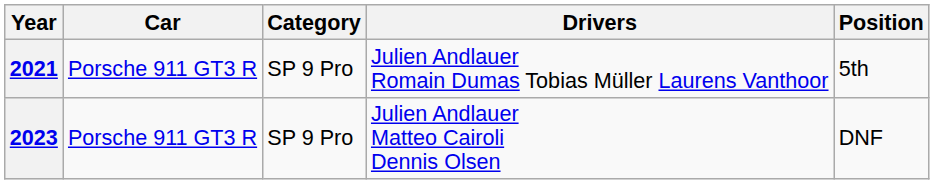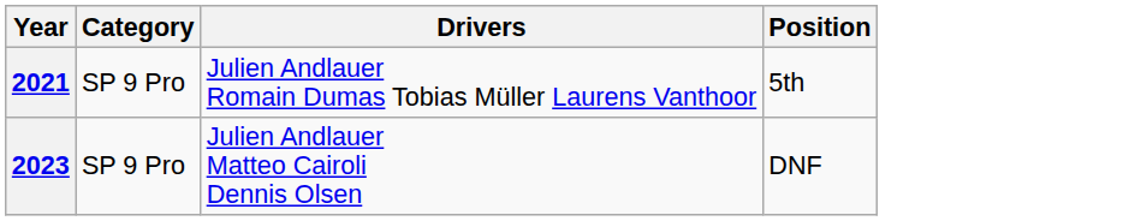 <table class="wikitable" style="font-size: 90%;">
 <tr>
 <th colspan="1">Year</th>
-<th colspan="1">Car</th>
 <th>Category</th>
 <th>Drivers</th>
 <th colspan="1">Position</th>
 </tr>
 <tr>
 <th><a href='#'>2021</a></th>
-<td><a href='#'>Porsche 911 GT3 R</a></td>
 <td>SP 9 Pro</td>
 <td> <a href='#'>Julien Andlauer</a><br> <a href='#'>Romain Dumas</a>  Tobias Müller  <a href='#'>Laurens Vanthoor</a></td>
 <td>5th</td>
 </tr>
 <tr>
 <th><a href='#'>2023</a></th>
-<td><a href='#'>Porsche 911 GT3 R</a></td>
 <td>SP 9 Pro</td>
 <td> <a href='#'>Julien Andlauer</a><br> <a href='#'>Matteo Cairoli</a><br> <a href='#'>Dennis Olsen</a></td>
 <td>DNF</td>
 </tr>
 </table>
